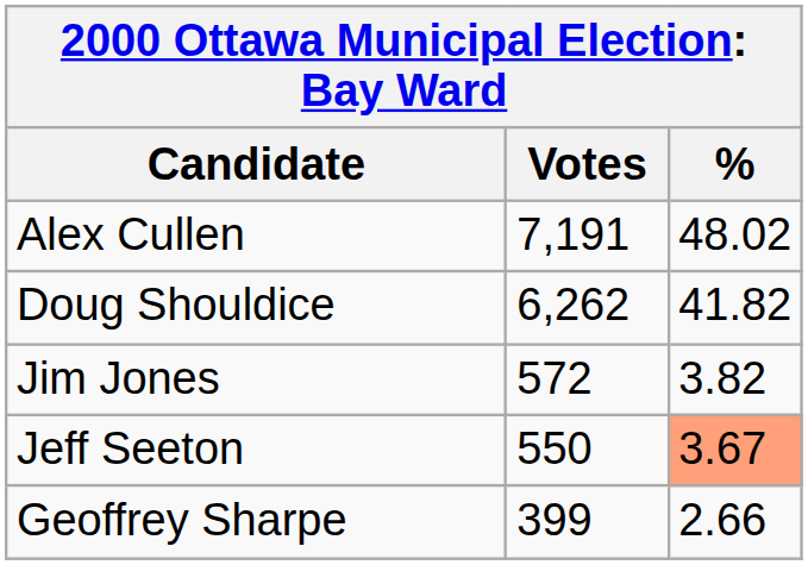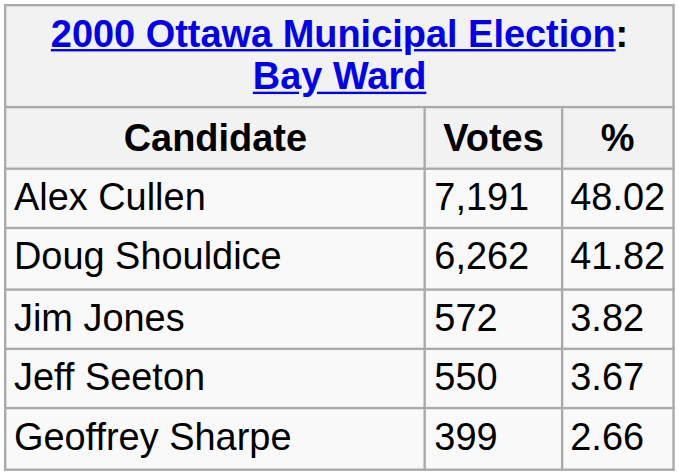 <table class="wikitable">
 <tr>
 <th colspan="3"><a href='#'>2000 Ottawa Municipal Election</a>: <a href='#'>Bay Ward</a></th>
 </tr>
 <tr>
 <th style="width: 170px">Candidate</th>
 <th style="width: 50px">Votes</th>
 <th style="width: 40px">%</th>
 </tr>
 <tr>
 <td>Alex Cullen</td>
 <td>7,191</td>
 <td>48.02</td>
 </tr>
 <tr>
 <td>Doug Shouldice</td>
 <td>6,262</td>
 <td>41.82</td>
 </tr>
 <tr>
 <td>Jim Jones</td>
 <td>572</td>
 <td>3.82</td>
 </tr>
 <tr>
 <td>Jeff Seeton</td>
 <td>550</td>
-<td style="background: lightsalmon;">3.67</td>
+<td>3.67</td>
 </tr>
 <tr>
 <td>Geoffrey Sharpe</td>
 <td>399</td>
 <td>2.66</td>
 </tr>
 </table>
